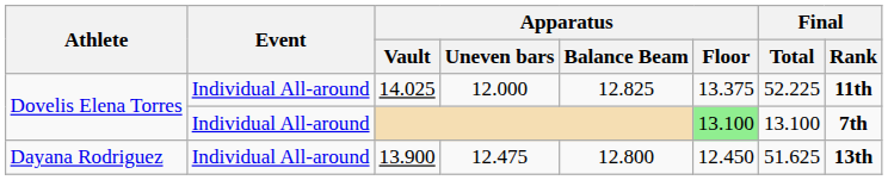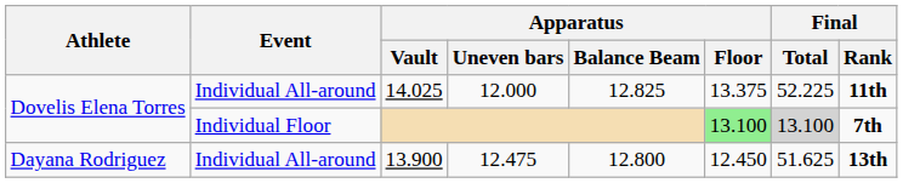 <table class="wikitable" style="font-size:90%">
 <tr>
 <th rowspan="2">Athlete</th>
 <th rowspan="2">Event</th>
 <th colspan = "4">Apparatus</th>
 <th colspan = "2">Final</th>
 </tr>
 <tr>
 <th>Vault</th>
 <th>Uneven bars</th>
 <th>Balance Beam</th>
 <th>Floor</th>
 <th>Total</th>
 <th>Rank</th>
 </tr>
 <tr>
 <td rowspan=2><a href='#'>Dovelis Elena Torres</a></td>
 <td><a href='#'>Individual All-around</a></td>
 <td align=center><u>14.025</u></td>
 <td align=center>12.000</td>
 <td align=center>12.825</td>
 <td align=center>13.375</td>
 <td align=center>52.225</td>
 <td align=center><strong>11th</strong></td>
 </tr>
 <tr>
-<td><a href='#'>Individual All-around</a></td>
+<td><a href='#'>Individual Floor</a></td>
 <td align=center colspan=3 bgcolor=wheat></td>
 <td align=center style="background: lightgreen;">13.100</td>
-<td align=center>13.100</td>
+<td align=center style="background: lightgrey;">13.100</td>
 <td align=center><strong>7th</strong></td>
 </tr>
 <tr>
 <td><a href='#'>Dayana Rodriguez</a></td>
 <td><a href='#'>Individual All-around</a></td>
 <td align=center><u>13.900</u></td>
 <td align=center>12.475</td>
 <td align=center>12.800</td>
 <td align=center>12.450</td>
 <td align=center>51.625</td>
 <td align=center><strong>13th</strong></td>
 </tr>
 </table>
